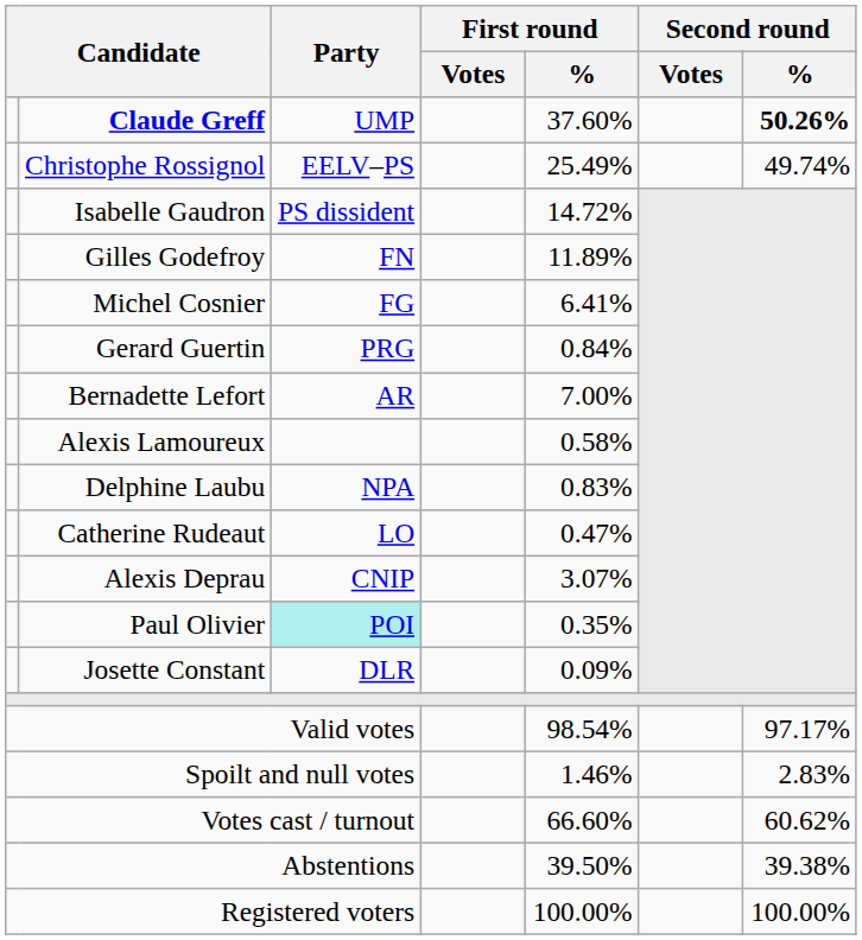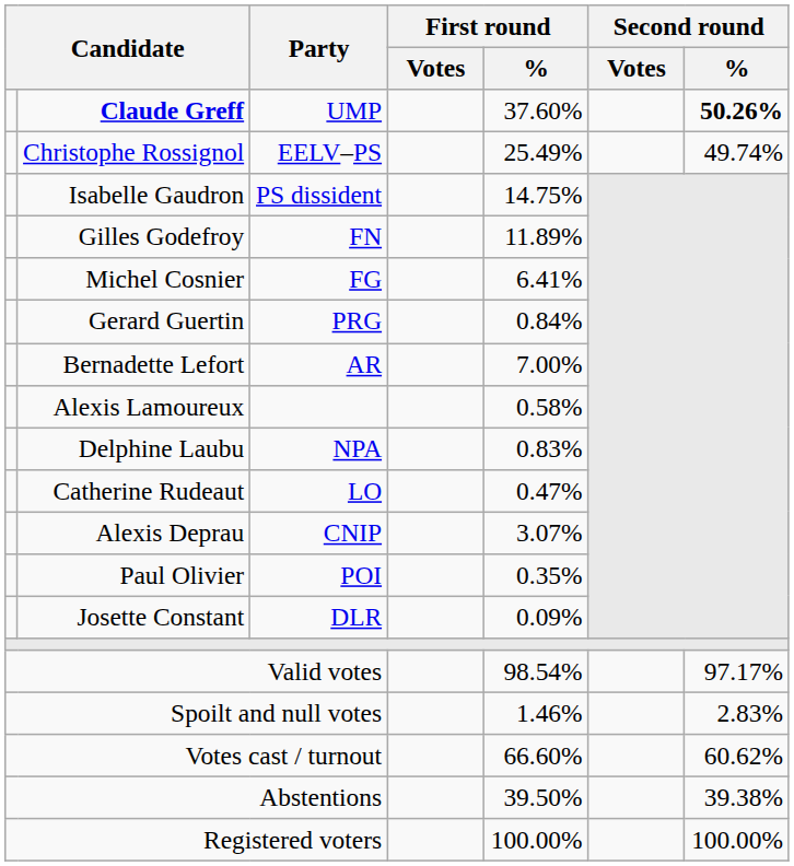 <table class="wikitable" style="text-align:right;font-size:95%;">
 <tr>
 <th rowspan=2 colspan=2>Candidate</th>
 <th rowspan=2 colspan=1>Party</th>
 <th colspan=2>First round</th>
 <th colspan=2>Second round</th>
 </tr>
 <tr>
 <th style="width:50px;">Votes</th>
 <th style="width:55px;">%</th>
 <th style="width:50px;">Votes</th>
 <th style="width:55px;">%</th>
 </tr>
 <tr>
 <td style="color:inherit;background-color:"></td>
 <td><strong><a href='#'>Claude Greff</a></strong></td>
 <td><a href='#'>UMP</a></td>
 <td></td>
 <td>37.60%</td>
 <td><strong></strong></td>
 <td><strong>50.26%</strong></td>
 </tr>
 <tr>
 <td style="color:inherit;background-color:"></td>
 <td><a href='#'>Christophe Rossignol</a></td>
 <td><a href='#'>EELV</a>–<a href='#'>PS</a></td>
 <td></td>
 <td>25.49%</td>
 <td></td>
 <td>49.74%</td>
 </tr>
 <tr>
 <td style="color:inherit;background-color:"></td>
 <td>Isabelle Gaudron</td>
 <td><a href='#'>PS dissident</a></td>
 <td></td>
-<td>14.72%</td>
+<td>14.75%</td>
 <td colspan=7 rowspan=11 style="background-color:#E9E9E9;"></td>
 </tr>
 <tr>
 <td style="color:inherit;background-color:"></td>
 <td>Gilles Godefroy</td>
 <td><a href='#'>FN</a></td>
 <td></td>
 <td>11.89%</td>
 </tr>
 <tr>
 <td style="color:inherit;background-color:"></td>
 <td>Michel Cosnier</td>
 <td><a href='#'>FG</a></td>
 <td></td>
 <td>6.41%</td>
 </tr>
 <tr>
 <td style="color:inherit;background-color:"></td>
 <td>Gerard Guertin</td>
 <td><a href='#'>PRG</a></td>
 <td></td>
 <td>0.84%</td>
 </tr>
 <tr>
 <td style="color:inherit;background-color:"></td>
 <td>Bernadette Lefort</td>
 <td><a href='#'>AR</a></td>
 <td></td>
 <td>7.00%</td>
 </tr>
 <tr>
 <td style="background-color:;"></td>
 <td>Alexis Lamoureux</td>
 <td></td>
 <td></td>
 <td>0.58%</td>
 </tr>
 <tr>
 <td style="color:inherit;background-color:"></td>
 <td>Delphine Laubu</td>
 <td><a href='#'>NPA</a></td>
 <td></td>
 <td>0.83%</td>
 </tr>
 <tr>
 <td style="color:inherit;background-color:"></td>
 <td>Catherine Rudeaut</td>
 <td><a href='#'>LO</a></td>
 <td></td>
 <td>0.47%</td>
 </tr>
 <tr>
 <td style="color:inherit;background-color:"></td>
 <td>Alexis Deprau</td>
 <td><a href='#'>CNIP</a></td>
 <td></td>
 <td>3.07%</td>
 </tr>
 <tr>
 <td style="color:inherit;background-color:"></td>
 <td>Paul Olivier</td>
-<td style="background: paleturquoise;"><a href='#'>POI</a></td>
+<td><a href='#'>POI</a></td>
 <td></td>
 <td>0.35%</td>
 </tr>
 <tr>
 <td style="color:inherit;background-color:"></td>
 <td>Josette Constant</td>
 <td><a href='#'>DLR</a></td>
 <td></td>
 <td>0.09%</td>
 </tr>
 <tr>
 <td colspan=7 style="background-color:#E9E9E9;"></td>
 </tr>
 <tr>
 <td colspan=3>Valid votes</td>
 <td></td>
 <td>98.54%</td>
 <td></td>
 <td>97.17%</td>
 </tr>
 <tr>
 <td colspan=3>Spoilt and null votes</td>
 <td></td>
 <td>1.46%</td>
 <td></td>
 <td>2.83%</td>
 </tr>
 <tr>
 <td colspan=3>Votes cast / turnout</td>
 <td></td>
 <td>66.60%</td>
 <td></td>
 <td>60.62%</td>
 </tr>
 <tr>
 <td colspan=3>Abstentions</td>
 <td></td>
 <td>39.50%</td>
 <td></td>
 <td>39.38%</td>
 </tr>
 <tr>
 <td colspan=3>Registered voters</td>
 <td></td>
 <td>100.00%</td>
 <td></td>
 <td>100.00%</td>
 </tr>
 </table>
